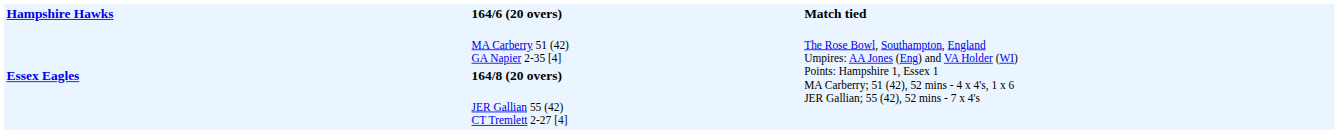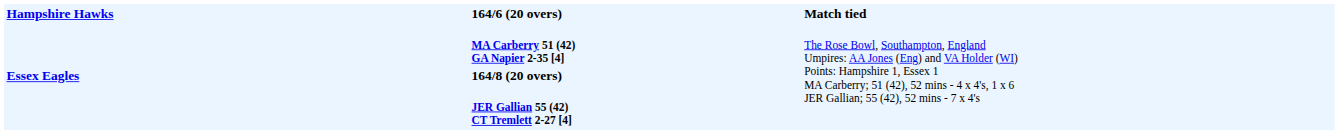 <table style="width:100%; background:#ebf5ff;">
 <tr>
 <td style="width:35%; vertical-align:top;" rowspan="2"><strong><a href='#'>Hampshire Hawks</a></strong></td>
 <td style="width:25%;"><strong>164/6 (20 overs)</strong></td>
 <td style="width:40%;"><strong>Match tied</strong></td>
 </tr>
 <tr>
-<td style="font-size: 85%;"><br><a href='#'>MA Carberry</a> 51 (42)<br> <a href='#'>GA Napier</a> 2-35 [4]</td>
+<td style="font-size: 85%;"><strong><br><a href='#'>MA Carberry</a> 51 (42)<br> <a href='#'>GA Napier</a> 2-35 [4]</strong></td>
 <td style="vertical-align:top; font-size:85%;" rowspan="3"><br><a href='#'>The Rose Bowl</a>, <a href='#'>Southampton</a>, <a href='#'>England</a><br> Umpires: <a href='#'>AA Jones</a> (<a href='#'>Eng</a>) and <a href='#'>VA Holder</a> (<a href='#'>WI</a>)<br> Points: Hampshire 1, Essex 1<br>MA Carberry; 51 (42), 52 mins - 4 x 4's, 1 x 6<br> JER Gallian; 55 (42), 52 mins - 7 x 4's</td>
 </tr>
 <tr>
 <td style="vertical-align:top;" rowspan="2"><strong><a href='#'>Essex Eagles</a></strong></td>
 <td><strong>164/8 (20 overs)</strong></td>
 </tr>
 <tr>
-<td style="font-size: 85%;"><br><a href='#'>JER Gallian</a> 55 (42)<br> <a href='#'>CT Tremlett</a> 2-27 [4]</td>
+<td style="font-size: 85%;"><strong><br><a href='#'>JER Gallian</a> 55 (42)<br> <a href='#'>CT Tremlett</a> 2-27 [4]</strong></td>
 </tr>
 </table>
